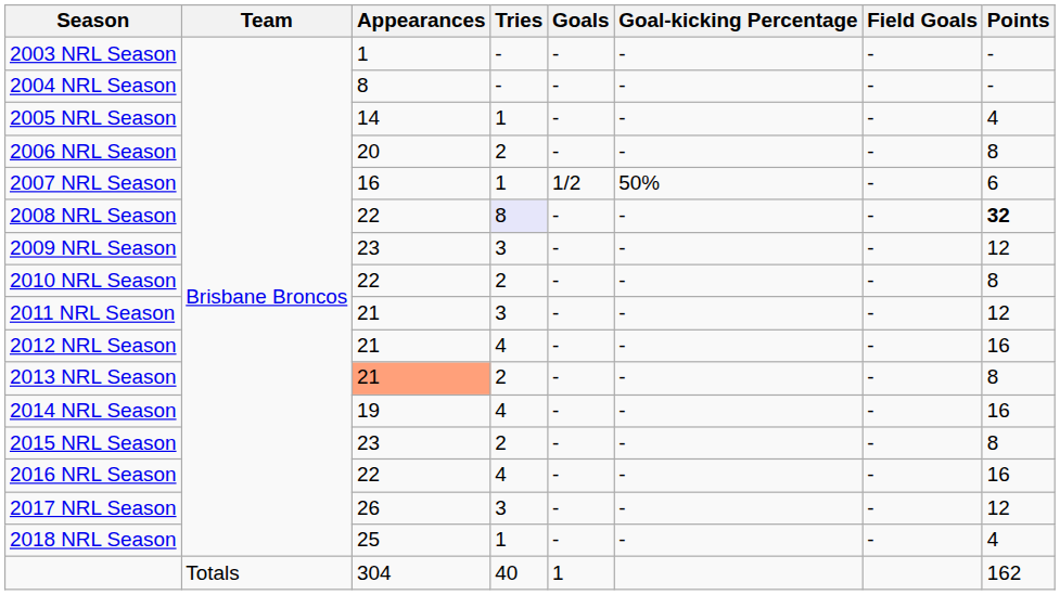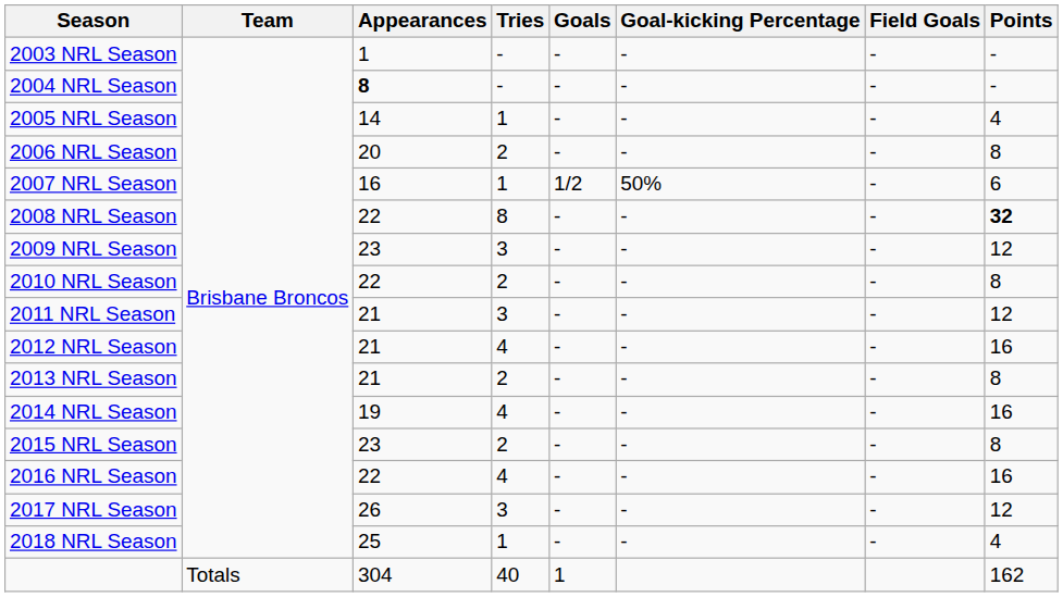 <table class="wikitable">
 <tr>
 <th>Season</th>
 <th>Team</th>
 <th>Appearances</th>
 <th>Tries</th>
 <th>Goals</th>
 <th>Goal-kicking Percentage</th>
 <th>Field Goals</th>
 <th>Points</th>
 </tr>
 <tr>
 <td><a href='#'>2003 NRL Season</a></td>
 <td rowspan="16"> <a href='#'>Brisbane Broncos</a></td>
 <td>1</td>
 <td>-</td>
 <td>-</td>
 <td>-</td>
 <td>-</td>
 <td>-</td>
 </tr>
 <tr>
 <td><a href='#'>2004 NRL Season</a></td>
-<td>8</td>
+<td><strong>8</strong></td>
 <td>-</td>
 <td>-</td>
 <td>-</td>
 <td>-</td>
 <td>-</td>
 </tr>
 <tr>
 <td><a href='#'>2005 NRL Season</a></td>
 <td>14</td>
 <td>1</td>
 <td>-</td>
 <td>-</td>
 <td>-</td>
 <td>4</td>
 </tr>
 <tr>
 <td><a href='#'>2006 NRL Season</a></td>
 <td>20</td>
 <td>2</td>
 <td>-</td>
 <td>-</td>
 <td>-</td>
 <td>8</td>
 </tr>
 <tr>
 <td><a href='#'>2007 NRL Season</a></td>
 <td>16</td>
 <td>1</td>
 <td>1/2</td>
 <td>50%</td>
 <td>-</td>
 <td>6</td>
 </tr>
 <tr>
 <td><a href='#'>2008 NRL Season</a></td>
 <td>22</td>
-<td style="background: lavender;">8</td>
+<td>8</td>
 <td>-</td>
 <td>-</td>
 <td>-</td>
 <td><strong>32</strong></td>
 </tr>
 <tr>
 <td><a href='#'>2009 NRL Season</a></td>
 <td>23</td>
 <td>3</td>
 <td>-</td>
 <td>-</td>
 <td>-</td>
 <td>12</td>
 </tr>
 <tr>
 <td><a href='#'>2010 NRL Season</a></td>
 <td>22</td>
 <td>2</td>
 <td>-</td>
 <td>-</td>
 <td>-</td>
 <td>8</td>
 </tr>
 <tr>
 <td><a href='#'>2011 NRL Season</a></td>
 <td>21</td>
 <td>3</td>
 <td>-</td>
 <td>-</td>
 <td>-</td>
 <td>12</td>
 </tr>
 <tr>
 <td><a href='#'>2012 NRL Season</a></td>
 <td>21</td>
 <td>4</td>
 <td>-</td>
 <td>-</td>
 <td>-</td>
 <td>16</td>
 </tr>
 <tr>
 <td><a href='#'>2013 NRL Season</a></td>
-<td style="background: lightsalmon;">21</td>
+<td>21</td>
 <td>2</td>
 <td>-</td>
 <td>-</td>
 <td>-</td>
 <td>8</td>
 </tr>
 <tr>
 <td><a href='#'>2014 NRL Season</a></td>
 <td>19</td>
 <td>4</td>
 <td>-</td>
 <td>-</td>
 <td>-</td>
 <td>16</td>
 </tr>
 <tr>
 <td><a href='#'>2015 NRL Season</a></td>
 <td>23</td>
 <td>2</td>
 <td>-</td>
 <td>-</td>
 <td>-</td>
 <td>8</td>
 </tr>
 <tr>
 <td><a href='#'>2016 NRL Season</a></td>
 <td>22</td>
 <td>4</td>
 <td>-</td>
 <td>-</td>
 <td>-</td>
 <td>16</td>
 </tr>
 <tr>
 <td><a href='#'>2017 NRL Season</a></td>
 <td>26</td>
 <td>3</td>
 <td>-</td>
 <td>-</td>
 <td>-</td>
 <td>12</td>
 </tr>
 <tr>
 <td><a href='#'>2018 NRL Season</a></td>
 <td>25</td>
 <td>1</td>
 <td>-</td>
 <td>-</td>
 <td>-</td>
 <td>4</td>
 </tr>
 <tr>
 <td></td>
 <td>Totals</td>
 <td>304</td>
 <td>40</td>
 <td>1</td>
 <td></td>
 <td></td>
 <td>162</td>
 </tr>
 </table>
